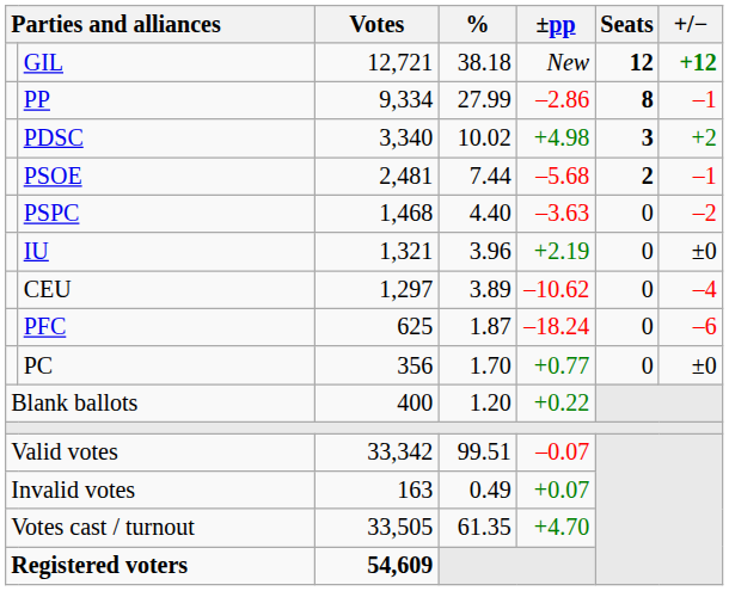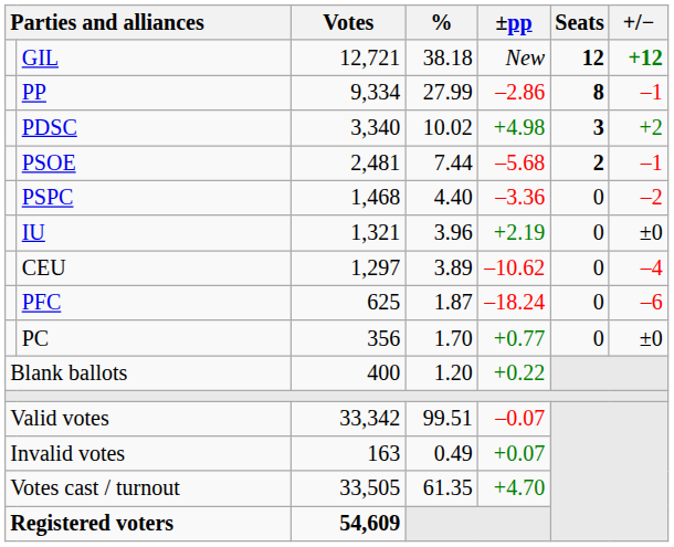 <table class="wikitable" style="text-align:right;">
 <tr>
 <th style="text-align:left;" colspan="2" width="200">Parties and alliances</th>
 <th width="75">Votes</th>
 <th width="45">%</th>
 <th width="45">±<a href='#'>pp</a></th>
 <th width="35">Seats</th>
 <th width="35">+/−</th>
 </tr>
 <tr>
 <td width="1" style="color:inherit;background:"></td>
 <td align="left"><a href='#'>GIL</a></td>
 <td>12,721</td>
 <td>38.18</td>
 <td><em>New</em></td>
 <td><strong>12</strong></td>
 <td style="color:green;"><strong>+12</strong></td>
 </tr>
 <tr>
 <td style="color:inherit;background:"></td>
 <td align="left"><a href='#'>PP</a></td>
 <td>9,334</td>
 <td>27.99</td>
 <td style="color:red;">–2.86</td>
 <td><strong>8</strong></td>
 <td style="color:red;">–1</td>
 </tr>
 <tr>
 <td style="color:inherit;background:"></td>
 <td align="left"><a href='#'>PDSC</a></td>
 <td>3,340</td>
 <td>10.02</td>
 <td style="color:green;">+4.98</td>
 <td><strong>3</strong></td>
 <td style="color:green;">+2</td>
 </tr>
 <tr>
 <td style="color:inherit;background:"></td>
 <td align="left"><a href='#'>PSOE</a></td>
 <td>2,481</td>
 <td>7.44</td>
 <td style="color:red;">–5.68</td>
 <td><strong>2</strong></td>
 <td style="color:red;">–1</td>
 </tr>
 <tr>
 <td style="color:inherit;background:"></td>
 <td align="left"><a href='#'>PSPC</a></td>
 <td>1,468</td>
 <td>4.40</td>
-<td style="color:red;">–3.63</td>
+<td style="color:red;">–3.36</td>
 <td>0</td>
 <td style="color:red;">–2</td>
 </tr>
 <tr>
 <td style="color:inherit;background:"></td>
 <td align="left"><a href='#'>IU</a></td>
 <td>1,321</td>
 <td>3.96</td>
 <td style="color:green;">+2.19</td>
 <td>0</td>
 <td>±0</td>
 </tr>
 <tr>
 <td style="color:inherit;background:"></td>
 <td align="left">CEU</td>
 <td>1,297</td>
 <td>3.89</td>
 <td style="color:red;">–10.62</td>
 <td>0</td>
 <td style="color:red;">–4</td>
 </tr>
 <tr>
 <td style="color:inherit;background:"></td>
 <td align="left"><a href='#'>PFC</a></td>
 <td>625</td>
 <td>1.87</td>
 <td style="color:red;">–18.24</td>
 <td>0</td>
 <td style="color:red;">–6</td>
 </tr>
 <tr>
 <td style="color:inherit;background:"></td>
 <td align="left">PC</td>
 <td>356</td>
 <td>1.70</td>
 <td style="color:green;">+0.77</td>
 <td>0</td>
 <td>±0</td>
 </tr>
 <tr>
 <td align="left" colspan="2">Blank ballots</td>
 <td>400</td>
 <td>1.20</td>
 <td style="color:green;">+0.22</td>
 <td bgcolor="#E9E9E9" colspan="2"></td>
 </tr>
 <tr>
 <td colspan="7" bgcolor="#E9E9E9"></td>
 </tr>
 <tr>
 <td align="left" colspan="2">Valid votes</td>
 <td>33,342</td>
 <td>99.51</td>
 <td style="color:red;">–0.07</td>
 <td bgcolor="#E9E9E9" colspan="2" rowspan="4"></td>
 </tr>
 <tr>
 <td align="left" colspan="2">Invalid votes</td>
 <td>163</td>
 <td>0.49</td>
 <td style="color:green;">+0.07</td>
 </tr>
 <tr>
 <td align="left" colspan="2">Votes cast / turnout</td>
 <td>33,505</td>
 <td>61.35</td>
 <td style="color:green;">+4.70</td>
 </tr>
 <tr style="font-weight:bold;">
 <td align="left" colspan="2">Registered voters</td>
 <td>54,609</td>
 <td bgcolor="#E9E9E9" colspan="2"></td>
 </tr>
 </table>
